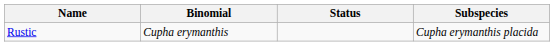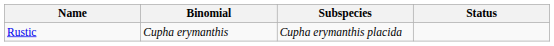 <table width=60% class="wikitable">
 <tr>
 <th width=20%>Name</th>
 <th width=20%>Binomial</th>
+<th width=20%>Subspecies</th>
 <th width=20%>Status</th>
-<th width=20%>Subspecies</th>
 </tr>
 <tr>
 <td><a href='#'>Rustic</a><br> </td>
 <td><em>Cupha erymanthis</em></td>
+<td><em>Cupha erymanthis placida</em></td>
 <td></td>
-<td><em>Cupha erymanthis placida</em></td>
 </tr>
 </table>
